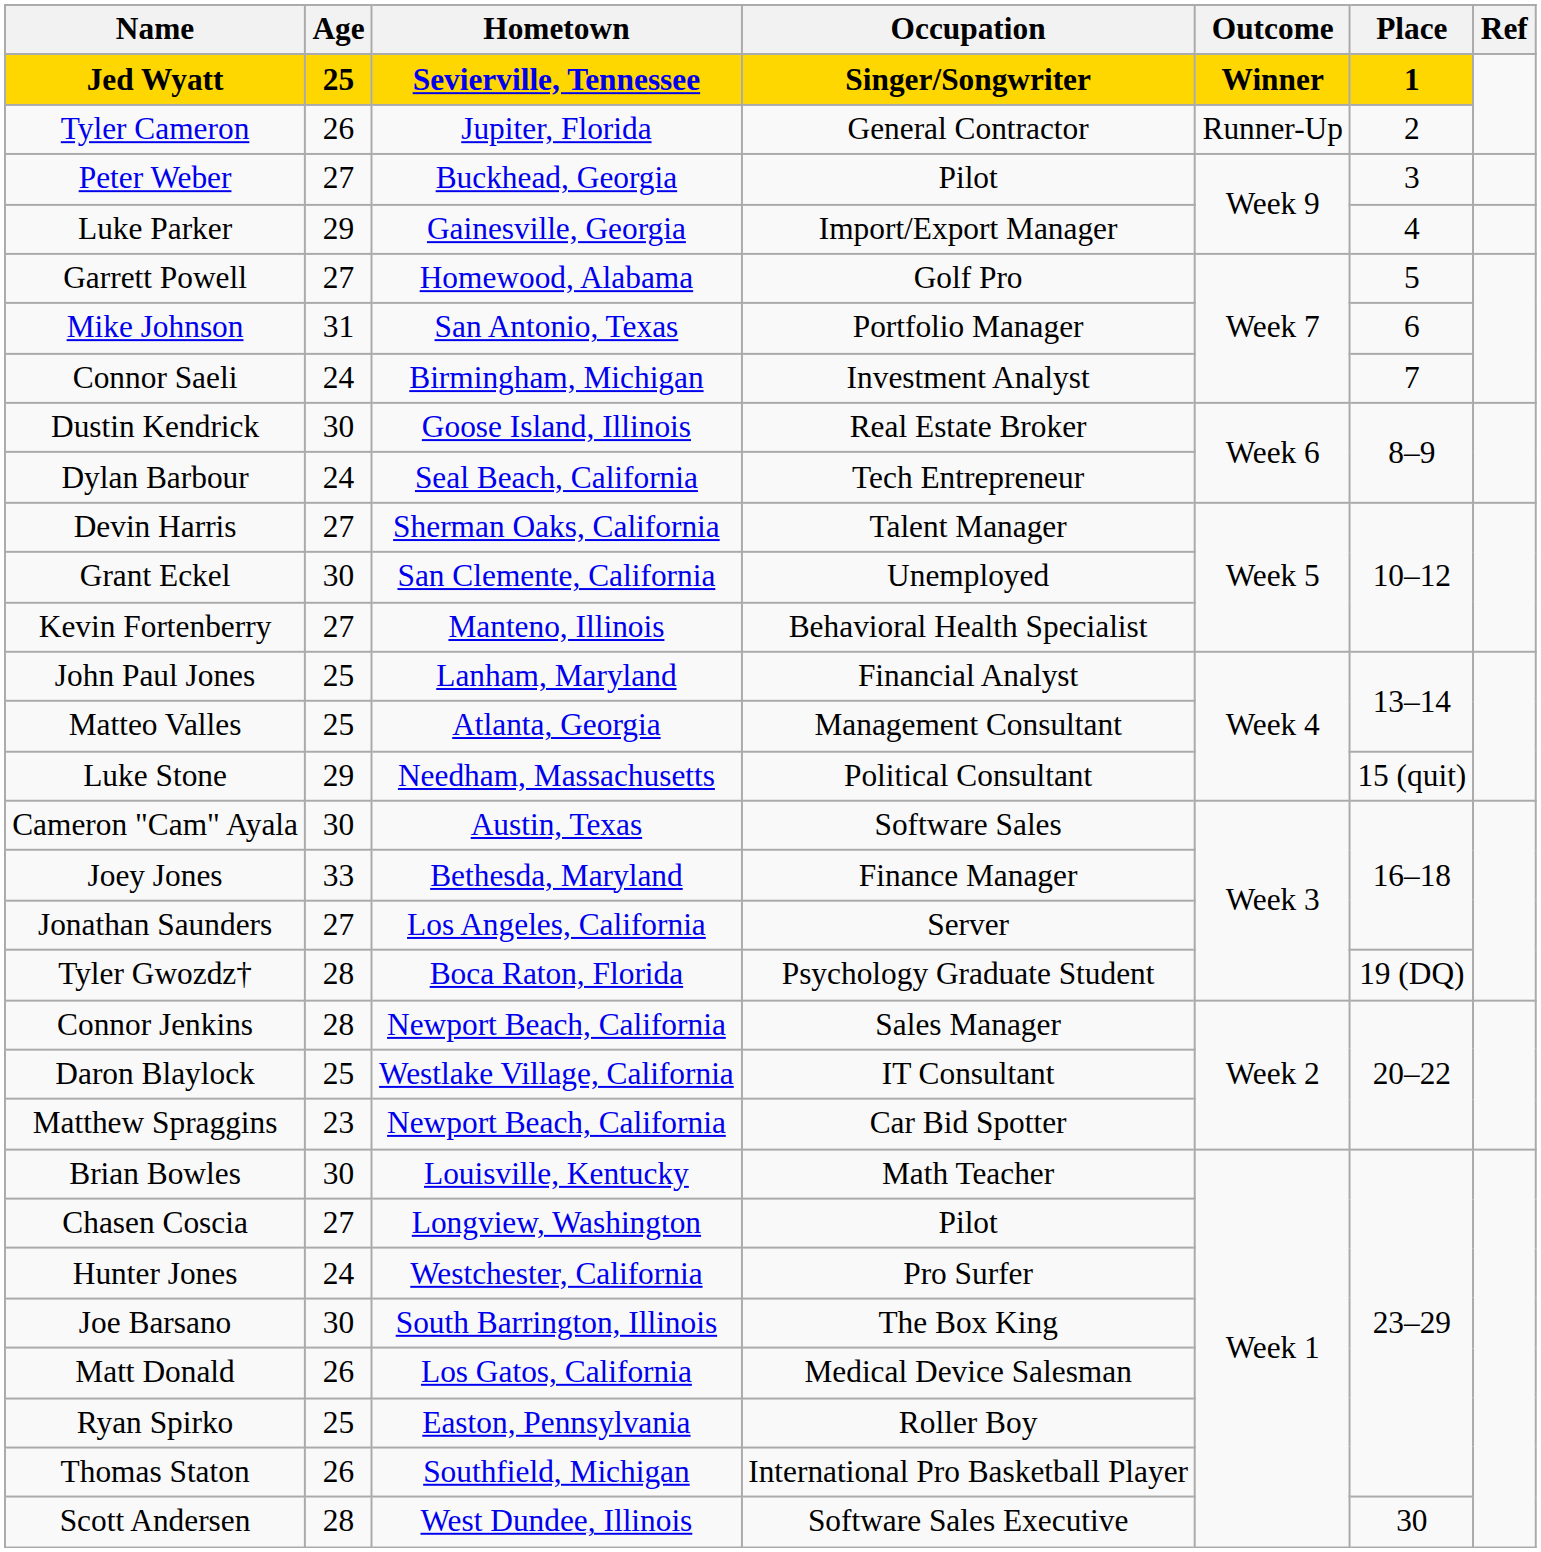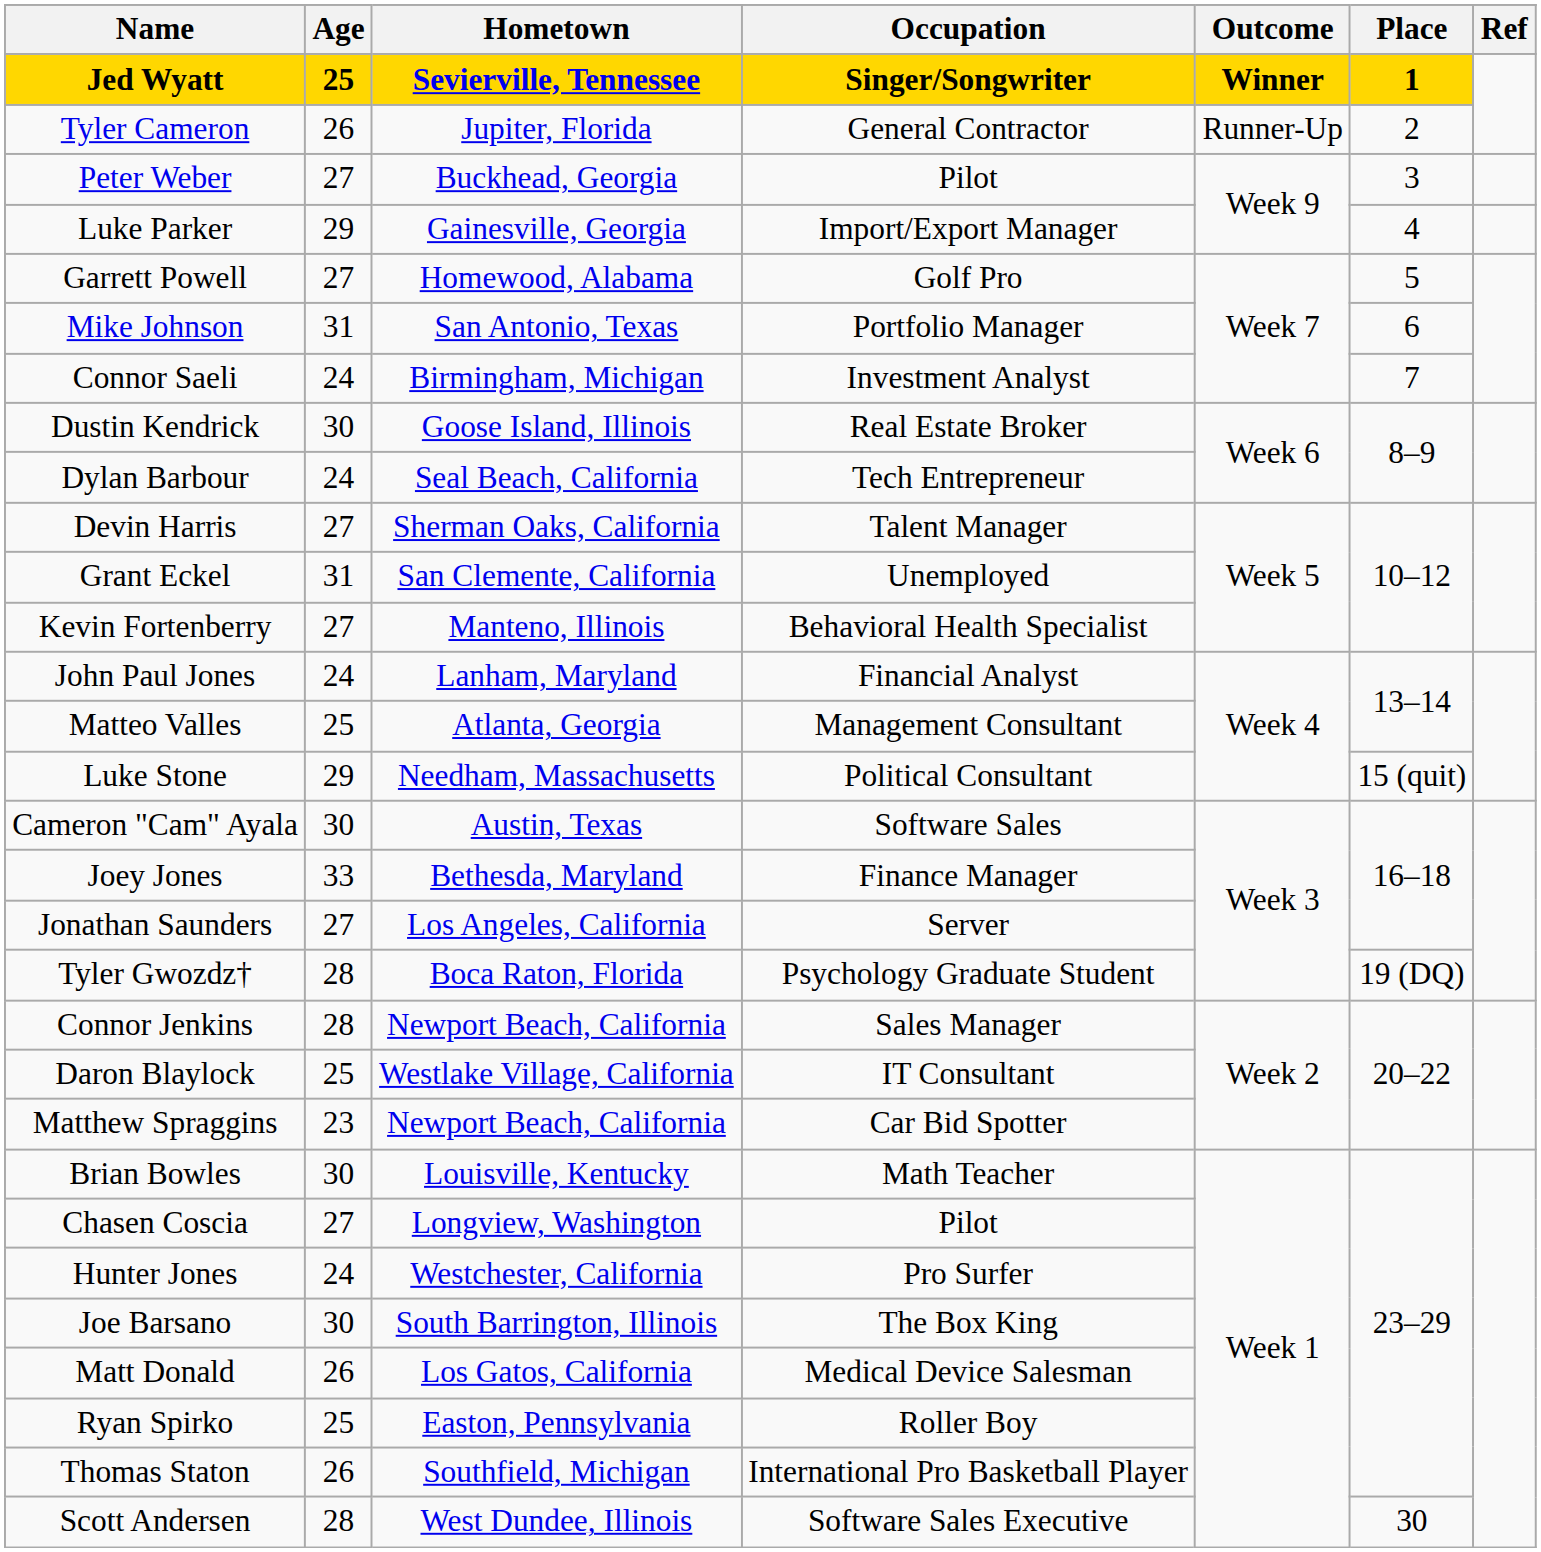 <table class="wikitable sortable" style="text-align:center;">
 <tr>
 <th>Name</th>
 <th>Age</th>
 <th>Hometown</th>
 <th>Occupation</th>
 <th>Outcome</th>
 <th>Place</th>
 <th>Ref</th>
 </tr>
 <tr>
 <td bgcolor="gold "><strong>Jed Wyatt</strong></td>
 <td bgcolor="gold "><strong>25</strong></td>
 <td bgcolor="gold "><strong><a href='#'>Sevierville, Tennessee</a></strong></td>
 <td bgcolor="gold "><strong>Singer/Songwriter</strong></td>
 <td bgcolor="gold"><strong>Winner</strong></td>
 <td bgcolor="gold"><strong>1</strong></td>
 <td rowspan="2" align="center"></td>
 </tr>
 <tr>
 <td><a href='#'>Tyler Cameron</a></td>
 <td>26</td>
 <td><a href='#'>Jupiter, Florida</a></td>
 <td>General Contractor</td>
 <td>Runner-Up</td>
 <td>2</td>
 </tr>
 <tr>
 <td><a href='#'>Peter Weber</a></td>
 <td>27</td>
 <td><a href='#'>Buckhead, Georgia</a></td>
 <td>Pilot</td>
 <td rowspan="2">Week 9</td>
 <td>3</td>
 <td></td>
 </tr>
 <tr>
 <td>Luke Parker</td>
 <td>29</td>
 <td><a href='#'>Gainesville, Georgia</a></td>
 <td>Import/Export Manager</td>
 <td>4</td>
 <td></td>
 </tr>
 <tr>
 <td>Garrett Powell</td>
 <td>27</td>
 <td><a href='#'>Homewood, Alabama</a></td>
 <td>Golf Pro</td>
 <td rowspan="3">Week 7</td>
 <td>5</td>
 <td rowspan="3"></td>
 </tr>
 <tr>
 <td><a href='#'>Mike Johnson</a></td>
 <td>31</td>
 <td><a href='#'>San Antonio, Texas</a></td>
 <td>Portfolio Manager</td>
 <td>6</td>
 </tr>
 <tr>
 <td>Connor Saeli</td>
 <td>24</td>
 <td><a href='#'>Birmingham, Michigan</a></td>
 <td>Investment Analyst</td>
 <td>7</td>
 </tr>
 <tr>
 <td>Dustin Kendrick</td>
 <td>30</td>
 <td><a href='#'>Goose Island, Illinois</a></td>
 <td>Real Estate Broker</td>
 <td rowspan="2">Week 6</td>
 <td rowspan="2">8–9</td>
 <td rowspan="2"></td>
 </tr>
 <tr>
 <td>Dylan Barbour</td>
 <td>24</td>
 <td><a href='#'>Seal Beach, California</a></td>
 <td>Tech Entrepreneur</td>
 </tr>
 <tr>
 <td>Devin Harris</td>
 <td>27</td>
 <td><a href='#'>Sherman Oaks, California</a></td>
 <td>Talent Manager</td>
 <td rowspan="3">Week 5</td>
 <td rowspan="3">10–12</td>
 <td rowspan="3"></td>
 </tr>
 <tr>
 <td>Grant Eckel</td>
-<td>30</td>
+<td>31</td>
 <td><a href='#'>San Clemente, California</a></td>
 <td>Unemployed</td>
 </tr>
 <tr>
 <td>Kevin Fortenberry</td>
 <td>27</td>
 <td><a href='#'>Manteno, Illinois</a></td>
 <td>Behavioral Health Specialist</td>
 </tr>
 <tr>
 <td>John Paul Jones</td>
-<td>25</td>
+<td>24</td>
 <td><a href='#'>Lanham, Maryland</a></td>
 <td>Financial Analyst</td>
 <td rowspan="3">Week 4</td>
 <td rowspan="2">13–14</td>
 <td rowspan="3"></td>
 </tr>
 <tr>
 <td>Matteo Valles</td>
 <td>25</td>
 <td><a href='#'>Atlanta, Georgia</a></td>
 <td>Management Consultant</td>
 </tr>
 <tr>
 <td>Luke Stone</td>
 <td>29</td>
 <td><a href='#'>Needham, Massachusetts</a></td>
 <td>Political Consultant</td>
 <td>15 (quit)</td>
 </tr>
 <tr>
 <td>Cameron "Cam" Ayala</td>
 <td>30</td>
 <td><a href='#'>Austin, Texas</a></td>
 <td>Software Sales</td>
 <td rowspan="4">Week 3</td>
 <td rowspan =3>16–18</td>
 <td rowspan="4"></td>
 </tr>
 <tr>
 <td>Joey Jones</td>
 <td>33</td>
 <td><a href='#'>Bethesda, Maryland</a></td>
 <td>Finance Manager</td>
 </tr>
 <tr>
 <td>Jonathan Saunders</td>
 <td>27</td>
 <td><a href='#'>Los Angeles, California</a></td>
 <td>Server</td>
 </tr>
 <tr>
 <td>Tyler Gwozdz†</td>
 <td>28</td>
 <td><a href='#'>Boca Raton, Florida</a></td>
 <td>Psychology Graduate Student</td>
 <td rowspan =1>19 (DQ)</td>
 </tr>
 <tr>
 <td>Connor Jenkins</td>
 <td>28</td>
 <td><a href='#'>Newport Beach, California</a></td>
 <td>Sales Manager</td>
 <td rowspan="3">Week 2</td>
 <td rowspan =3>20–22</td>
 <td rowspan="3"></td>
 </tr>
 <tr>
 <td>Daron Blaylock</td>
 <td>25</td>
 <td><a href='#'>Westlake Village, California</a></td>
 <td>IT Consultant</td>
 </tr>
 <tr>
 <td>Matthew Spraggins</td>
 <td>23</td>
 <td><a href='#'>Newport Beach, California</a></td>
 <td>Car Bid Spotter</td>
 </tr>
 <tr>
 <td>Brian Bowles</td>
 <td>30</td>
 <td><a href='#'>Louisville, Kentucky</a></td>
 <td>Math Teacher</td>
 <td rowspan="8">Week 1</td>
 <td rowspan =7>23–29</td>
 <td rowspan="8"></td>
 </tr>
 <tr>
 <td>Chasen Coscia</td>
 <td>27</td>
 <td><a href='#'>Longview, Washington</a></td>
 <td>Pilot</td>
 </tr>
 <tr>
 <td>Hunter Jones</td>
 <td>24</td>
 <td><a href='#'>Westchester, California</a></td>
 <td>Pro Surfer</td>
 </tr>
 <tr>
 <td>Joe Barsano</td>
 <td>30</td>
 <td><a href='#'>South Barrington, Illinois</a></td>
 <td>The Box King</td>
 </tr>
 <tr>
 <td>Matt Donald</td>
 <td>26</td>
 <td><a href='#'>Los Gatos, California</a></td>
 <td>Medical Device Salesman</td>
 </tr>
 <tr>
 <td>Ryan Spirko</td>
 <td>25</td>
 <td><a href='#'>Easton, Pennsylvania</a></td>
 <td>Roller Boy</td>
 </tr>
 <tr>
 <td>Thomas Staton</td>
 <td>26</td>
 <td><a href='#'>Southfield, Michigan</a></td>
 <td>International Pro Basketball Player</td>
 </tr>
 <tr>
 <td>Scott Andersen</td>
 <td>28</td>
 <td><a href='#'>West Dundee, Illinois</a></td>
 <td>Software Sales Executive</td>
 <td>30</td>
 </tr>
 </table>
